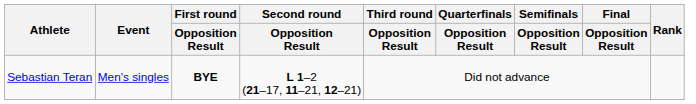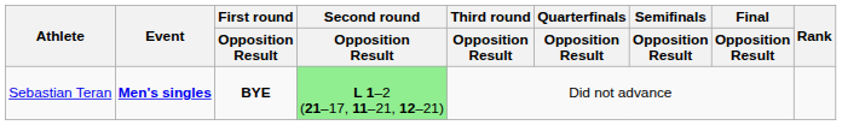 <table class="wikitable" style="font-size:90%">
 <tr>
 <th rowspan="2">Athlete</th>
 <th rowspan="2">Event</th>
 <th>First round</th>
 <th>Second round</th>
 <th>Third round</th>
 <th>Quarterfinals</th>
 <th>Semifinals</th>
 <th>Final</th>
 <th rowspan="2">Rank</th>
 </tr>
 <tr>
 <th>Opposition<br>Result</th>
 <th>Opposition<br>Result</th>
 <th>Opposition<br>Result</th>
 <th>Opposition<br>Result</th>
 <th>Opposition<br>Result</th>
 <th>Opposition<br>Result</th>
 </tr>
 <tr>
 <td><a href='#'>Sebastian Teran</a></td>
-<td><a href='#'>Men's singles</a></td>
+<td><strong><a href='#'>Men's singles</a></strong></td>
 <td align=center><strong>BYE</strong></td>
-<td align=center><br> <strong>L</strong> <strong>1</strong>–2<br>(<strong>21</strong>–17, <strong>11</strong>–21, <strong>12</strong>–21)</td>
+<td align=center style="background: lightgreen;"><br> <strong>L</strong> <strong>1</strong>–2<br>(<strong>21</strong>–17, <strong>11</strong>–21, <strong>12</strong>–21)</td>
 <td align=center colspan=4>Did not advance</td>
 <td align=center></td>
 </tr>
 </table>
